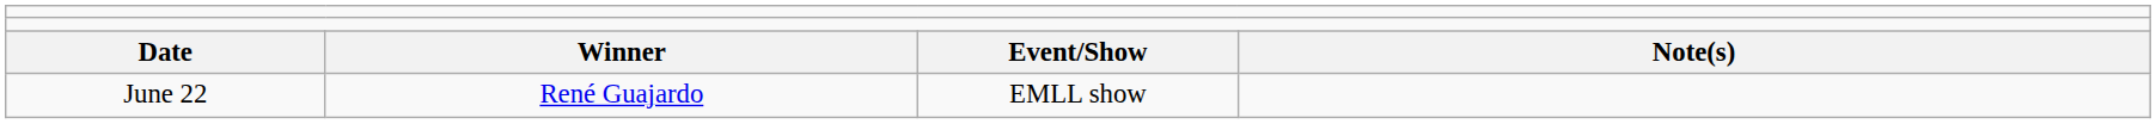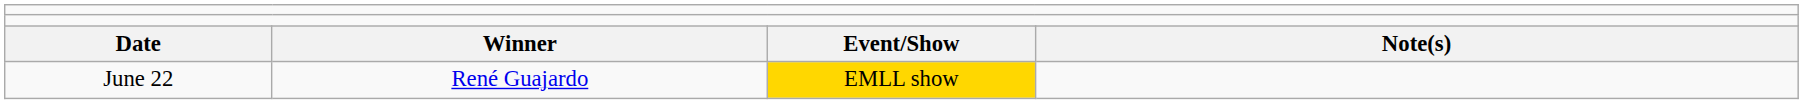 <table class="wikitable" style="text-align:center; width:100%;">
 <tr>
 <td colspan=5></td>
 </tr>
 <tr>
 <td colspan=5><strong></strong></td>
 </tr>
 <tr>
 <th width=14%>Date</th>
 <th width=26%>Winner</th>
 <th width=14%>Event/Show</th>
 <th width=40%>Note(s)</th>
 </tr>
 <tr>
 <td>June 22</td>
 <td><a href='#'>René Guajardo</a></td>
-<td>EMLL show</td>
+<td style="background: gold;">EMLL show</td>
 <td align=left></td>
 </tr>
 </table>
